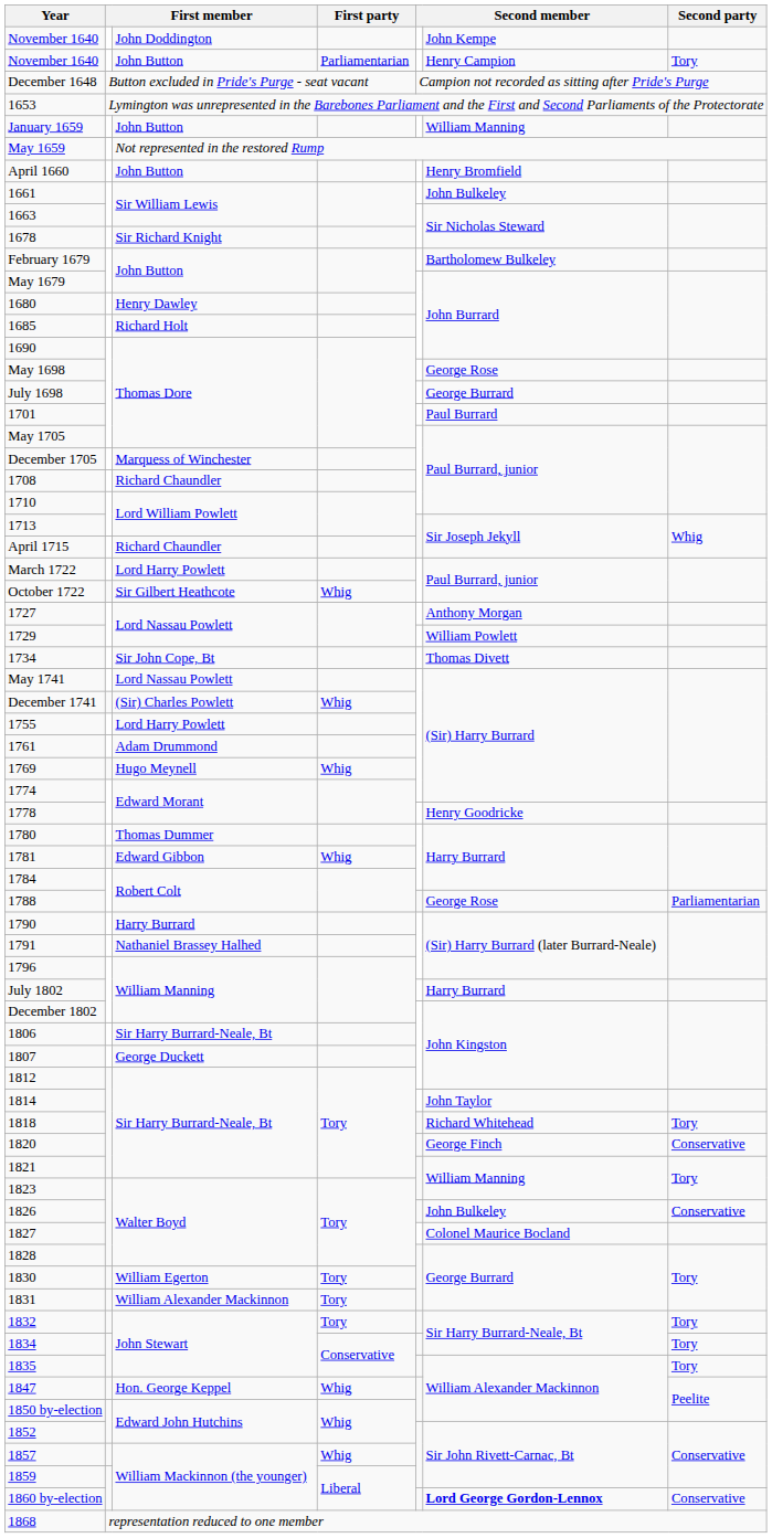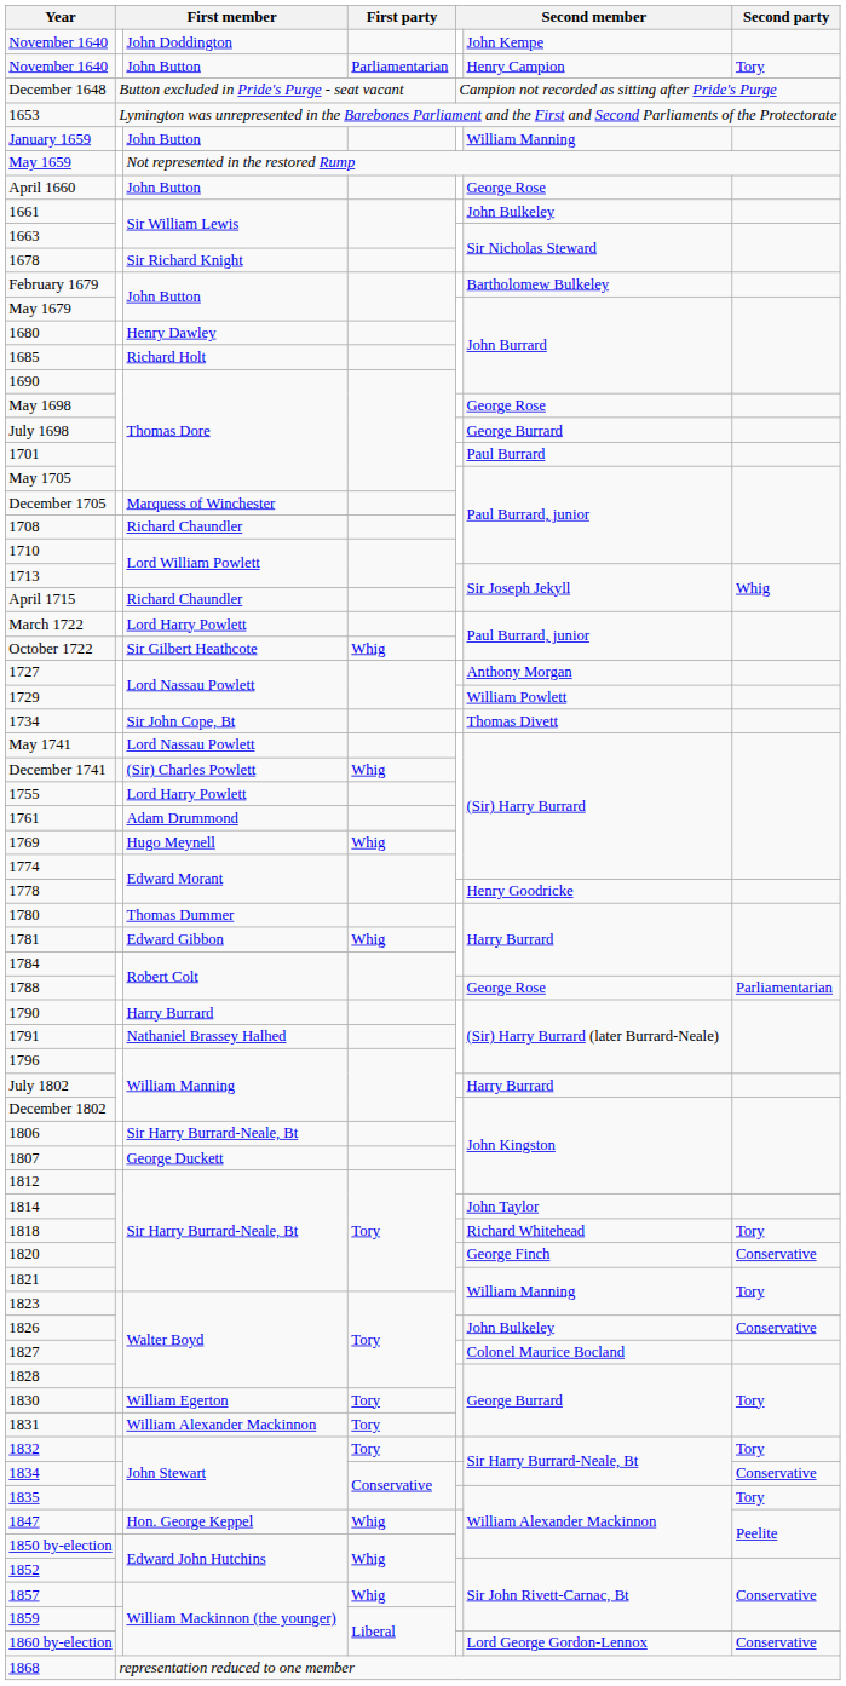 <table class="wikitable">
 <tr>
 <th>Year</th>
 <th colspan="2">First member</th>
 <th>First party</th>
 <th colspan="2">Second member</th>
 <th>Second party</th>
 </tr>
 <tr>
 <td><a href='#'>November 1640</a></td>
 <td style="color:inherit;background-color: white"></td>
 <td><a href='#'>John Doddington</a></td>
 <td></td>
 <td style="color:inherit;background-color: white"></td>
 <td><a href='#'>John Kempe</a></td>
 <td></td>
 </tr>
 <tr>
 <td><a href='#'>November 1640</a></td>
 <td style="color:inherit;background-color: white"></td>
 <td><a href='#'>John Button</a></td>
 <td><a href='#'>Parliamentarian</a></td>
 <td style="color:inherit;background-color: white"></td>
 <td><a href='#'>Henry Campion</a></td>
 <td><a href='#'>Tory</a></td>
 </tr>
 <tr>
 <td>December 1648</td>
 <td colspan="3"><em>Button excluded in <a href='#'>Pride's Purge</a> - seat vacant</em></td>
 <td colspan="3"><em>Campion not recorded as sitting after <a href='#'>Pride's Purge</a></em></td>
 </tr>
 <tr>
 <td>1653</td>
 <td colspan="6"><em>Lymington was unrepresented in the <a href='#'>Barebones Parliament</a> and the <a href='#'>First</a> and <a href='#'>Second</a> Parliaments of the Protectorate</em></td>
 </tr>
 <tr>
 <td><a href='#'>January 1659</a></td>
 <td style="color:inherit;background-color: white"></td>
 <td><a href='#'>John Button</a></td>
 <td></td>
 <td style="color:inherit;background-color: white"></td>
 <td><a href='#'>William Manning</a></td>
 <td></td>
 </tr>
 <tr>
 <td><a href='#'>May 1659</a></td>
 <td style="color:inherit;background-color: white"></td>
 <td colspan="6"><em>Not represented in the restored <a href='#'>Rump</a></em></td>
 </tr>
 <tr>
 <td>April 1660</td>
 <td style="color:inherit;background-color: white"></td>
 <td><a href='#'>John Button</a></td>
 <td></td>
 <td style="color:inherit;background-color: white"></td>
-<td><a href='#'>Henry Bromfield</a></td>
+<td><a href='#'>George Rose</a></td>
 <td></td>
 </tr>
 <tr>
 <td>1661</td>
 <td rowspan="2" style="color:inherit;background-color: white"></td>
 <td rowspan="2"><a href='#'>Sir William Lewis</a></td>
 <td rowspan="2"></td>
 <td style="color:inherit;background-color: white"></td>
 <td><a href='#'>John Bulkeley</a></td>
 <td></td>
 </tr>
 <tr>
 <td>1663</td>
 <td rowspan="2" style="color:inherit;background-color: white"></td>
 <td rowspan="2"><a href='#'>Sir Nicholas Steward</a></td>
 <td rowspan="2"></td>
 </tr>
 <tr>
 <td>1678</td>
 <td style="color:inherit;background-color: white"></td>
 <td><a href='#'>Sir Richard Knight</a></td>
 <td></td>
 </tr>
 <tr>
 <td>February 1679</td>
 <td rowspan="2" style="color:inherit;background-color: white"></td>
 <td rowspan="2"><a href='#'>John Button</a></td>
 <td rowspan="2"></td>
 <td style="color:inherit;background-color: white"></td>
 <td><a href='#'>Bartholomew Bulkeley</a></td>
 <td></td>
 </tr>
 <tr>
 <td>May 1679</td>
 <td rowspan="4" style="color:inherit;background-color: white"></td>
 <td rowspan="4"><a href='#'>John Burrard</a></td>
 <td rowspan="4"></td>
 </tr>
 <tr>
 <td>1680</td>
 <td style="color:inherit;background-color: white"></td>
 <td><a href='#'>Henry Dawley</a></td>
 <td></td>
 </tr>
 <tr>
 <td>1685</td>
 <td style="color:inherit;background-color: white"></td>
 <td><a href='#'>Richard Holt</a></td>
 <td></td>
 </tr>
 <tr>
 <td>1690</td>
 <td rowspan="5" style="color:inherit;background-color: white"></td>
 <td rowspan="5"><a href='#'>Thomas Dore</a></td>
 <td rowspan="5"></td>
 </tr>
 <tr>
 <td>May 1698</td>
 <td style="color:inherit;background-color: white"></td>
 <td><a href='#'>George Rose</a></td>
 <td></td>
 </tr>
 <tr>
 <td>July 1698</td>
 <td style="color:inherit;background-color: white"></td>
 <td><a href='#'>George Burrard</a></td>
 <td></td>
 </tr>
 <tr>
 <td>1701</td>
 <td style="color:inherit;background-color: white"></td>
 <td><a href='#'>Paul Burrard</a></td>
 <td></td>
 </tr>
 <tr>
 <td>May 1705</td>
 <td rowspan="4" style="color:inherit;background-color: white"></td>
 <td rowspan="4"><a href='#'>Paul Burrard, junior</a></td>
 <td rowspan="4"></td>
 </tr>
 <tr>
 <td>December 1705</td>
 <td style="color:inherit;background-color: white"></td>
 <td><a href='#'>Marquess of Winchester</a></td>
 <td></td>
 </tr>
 <tr>
 <td>1708</td>
 <td style="color:inherit;background-color: white"></td>
 <td><a href='#'>Richard Chaundler</a></td>
 <td></td>
 </tr>
 <tr>
 <td>1710</td>
 <td rowspan="2" style="color:inherit;background-color: white"></td>
 <td rowspan="2"><a href='#'>Lord William Powlett</a></td>
 <td rowspan="2"></td>
 </tr>
 <tr>
 <td>1713</td>
 <td rowspan="2" style="color:inherit;background-color: "></td>
 <td rowspan="2"><a href='#'>Sir Joseph Jekyll</a></td>
 <td rowspan="2"><a href='#'>Whig</a></td>
 </tr>
 <tr>
 <td>April 1715</td>
 <td style="color:inherit;background-color: white"></td>
 <td><a href='#'>Richard Chaundler</a></td>
 <td></td>
 </tr>
 <tr>
 <td>March 1722</td>
 <td style="color:inherit;background-color: white"></td>
 <td><a href='#'>Lord Harry Powlett</a></td>
 <td></td>
 <td rowspan="2" style="color:inherit;background-color: white"></td>
 <td rowspan="2"><a href='#'>Paul Burrard, junior</a></td>
 <td rowspan="2"></td>
 </tr>
 <tr>
 <td>October 1722</td>
 <td style="color:inherit;background-color: "></td>
 <td><a href='#'>Sir Gilbert Heathcote</a></td>
 <td><a href='#'>Whig</a></td>
 </tr>
 <tr>
 <td>1727</td>
 <td rowspan="2" style="color:inherit;background-color: white"></td>
 <td rowspan="2"><a href='#'>Lord Nassau Powlett</a></td>
 <td rowspan="2"></td>
 <td style="color:inherit;background-color: white"></td>
 <td><a href='#'>Anthony Morgan</a></td>
 <td></td>
 </tr>
 <tr>
 <td>1729</td>
 <td style="color:inherit;background-color: white"></td>
 <td><a href='#'>William Powlett</a></td>
 <td></td>
 </tr>
 <tr>
 <td>1734</td>
 <td style="color:inherit;background-color: white"></td>
 <td><a href='#'>Sir John Cope, Bt</a></td>
 <td></td>
 <td style="color:inherit;background-color: white"></td>
 <td><a href='#'>Thomas Divett</a></td>
 <td></td>
 </tr>
 <tr>
 <td>May 1741</td>
 <td style="color:inherit;background-color: white"></td>
 <td><a href='#'>Lord Nassau Powlett</a></td>
 <td></td>
 <td rowspan="6" style="color:inherit;background-color: white"></td>
 <td rowspan="6"><a href='#'>(Sir) Harry Burrard</a></td>
 <td rowspan="6"></td>
 </tr>
 <tr>
 <td>December 1741</td>
 <td style="color:inherit;background-color: "></td>
 <td><a href='#'>(Sir) Charles Powlett</a></td>
 <td><a href='#'>Whig</a></td>
 </tr>
 <tr>
 <td>1755</td>
 <td style="color:inherit;background-color: white"></td>
 <td><a href='#'>Lord Harry Powlett</a></td>
 <td></td>
 </tr>
 <tr>
 <td>1761</td>
 <td style="color:inherit;background-color: white"></td>
 <td><a href='#'>Adam Drummond</a></td>
 <td></td>
 </tr>
 <tr>
 <td>1769</td>
 <td style="color:inherit;background-color: "></td>
 <td><a href='#'>Hugo Meynell</a></td>
 <td><a href='#'>Whig</a></td>
 </tr>
 <tr>
 <td>1774</td>
 <td rowspan="2" style="color:inherit;background-color: white"></td>
 <td rowspan="2"><a href='#'>Edward Morant</a></td>
 <td rowspan="2"></td>
 </tr>
 <tr>
 <td>1778</td>
 <td style="color:inherit;background-color: white"></td>
 <td><a href='#'>Henry Goodricke</a></td>
 <td></td>
 </tr>
 <tr>
 <td>1780</td>
 <td style="color:inherit;background-color: white"></td>
 <td><a href='#'>Thomas Dummer</a></td>
 <td></td>
 <td rowspan="3" style="color:inherit;background-color: white"></td>
 <td rowspan="3"><a href='#'>Harry Burrard</a></td>
 <td rowspan="3"></td>
 </tr>
 <tr>
 <td>1781</td>
 <td style="color:inherit;background-color: "></td>
 <td><a href='#'>Edward Gibbon</a></td>
 <td><a href='#'>Whig</a></td>
 </tr>
 <tr>
 <td>1784</td>
 <td rowspan="2" style="color:inherit;background-color: white"></td>
 <td rowspan="2"><a href='#'>Robert Colt</a></td>
 <td rowspan="2"></td>
 </tr>
 <tr>
 <td>1788</td>
 <td style="color:inherit;background-color: "></td>
 <td><a href='#'>George Rose</a></td>
 <td><a href='#'>Parliamentarian</a></td>
 </tr>
 <tr>
 <td>1790</td>
 <td style="color:inherit;background-color: white"></td>
 <td><a href='#'>Harry Burrard</a></td>
 <td></td>
 <td rowspan="3" style="color:inherit;background-color: white"></td>
 <td rowspan="3"><a href='#'>(Sir) Harry Burrard</a> (later Burrard-Neale) </td>
 <td rowspan="3"></td>
 </tr>
 <tr>
 <td>1791</td>
 <td style="color:inherit;background-color: white"></td>
 <td><a href='#'>Nathaniel Brassey Halhed</a></td>
 <td></td>
 </tr>
 <tr>
 <td>1796</td>
 <td rowspan="3" style="color:inherit;background-color: white"></td>
 <td rowspan="3"><a href='#'>William Manning</a></td>
 <td rowspan="3"></td>
 </tr>
 <tr>
 <td>July 1802</td>
 <td style="color:inherit;background-color: white"></td>
 <td><a href='#'>Harry Burrard</a></td>
 <td></td>
 </tr>
 <tr>
 <td>December 1802</td>
 <td rowspan="4" style="color:inherit;background-color: white"></td>
 <td rowspan="4"><a href='#'>John Kingston</a></td>
 <td rowspan="4"></td>
 </tr>
 <tr>
 <td>1806</td>
 <td style="color:inherit;background-color: white"></td>
 <td><a href='#'>Sir Harry Burrard-Neale, Bt</a></td>
 <td></td>
 </tr>
 <tr>
 <td>1807</td>
 <td style="color:inherit;background-color: white"></td>
 <td><a href='#'>George Duckett</a></td>
 <td></td>
 </tr>
 <tr>
 <td>1812</td>
 <td rowspan="5" style="color:inherit;background-color: "></td>
 <td rowspan="5"><a href='#'>Sir Harry Burrard-Neale, Bt</a></td>
 <td rowspan="5"><a href='#'>Tory</a></td>
 </tr>
 <tr>
 <td>1814</td>
 <td style="color:inherit;background-color: white"></td>
 <td><a href='#'>John Taylor</a></td>
 <td></td>
 </tr>
 <tr>
 <td>1818</td>
 <td style="color:inherit;background-color: "></td>
 <td><a href='#'>Richard Whitehead</a></td>
 <td><a href='#'>Tory</a></td>
 </tr>
 <tr>
 <td>1820</td>
 <td style="color:inherit;background-color: "></td>
 <td><a href='#'>George Finch</a></td>
 <td><a href='#'>Conservative</a></td>
 </tr>
 <tr>
 <td>1821</td>
 <td rowspan="2" style="color:inherit;background-color: "></td>
 <td rowspan="2"><a href='#'>William Manning</a></td>
 <td rowspan="2"><a href='#'>Tory</a></td>
 </tr>
 <tr>
 <td>1823</td>
 <td rowspan="4" style="color:inherit;background-color: "></td>
 <td rowspan="4"><a href='#'>Walter Boyd</a></td>
 <td rowspan="4"><a href='#'>Tory</a></td>
 </tr>
 <tr>
 <td>1826</td>
 <td style="color:inherit;background-color: "></td>
 <td><a href='#'>John Bulkeley</a></td>
 <td><a href='#'>Conservative</a></td>
 </tr>
 <tr>
 <td>1827</td>
 <td style="color:inherit;background-color: white"></td>
 <td><a href='#'>Colonel Maurice Bocland</a></td>
 <td></td>
 </tr>
 <tr>
 <td>1828</td>
 <td rowspan="3" style="color:inherit;background-color: "></td>
 <td rowspan="3"><a href='#'>George Burrard</a></td>
 <td rowspan="3"><a href='#'>Tory</a></td>
 </tr>
 <tr>
 <td>1830</td>
 <td style="color:inherit;background-color: "></td>
 <td><a href='#'>William Egerton</a></td>
 <td><a href='#'>Tory</a></td>
 </tr>
 <tr>
 <td>1831</td>
 <td style="color:inherit;background-color: "></td>
 <td><a href='#'>William Alexander Mackinnon</a></td>
 <td><a href='#'>Tory</a></td>
 </tr>
 <tr>
 <td><a href='#'>1832</a></td>
 <td style="color:inherit;background-color: "></td>
 <td rowspan="3"><a href='#'>John Stewart</a></td>
 <td><a href='#'>Tory</a></td>
 <td style="color:inherit;background-color: "></td>
 <td rowspan="2"><a href='#'>Sir Harry Burrard-Neale, Bt</a></td>
 <td><a href='#'>Tory</a></td>
 </tr>
 <tr>
 <td><a href='#'>1834</a></td>
 <td rowspan="2" style="color:inherit;background-color: "></td>
 <td rowspan="2"><a href='#'>Conservative</a></td>
 <td style="color:inherit;background-color: "></td>
-<td><a href='#'>Tory</a></td>
+<td><a href='#'>Conservative</a></td>
 </tr>
 <tr>
 <td><a href='#'>1835</a></td>
 <td style="color:inherit;background-color: "></td>
 <td rowspan="3"><a href='#'>William Alexander Mackinnon</a></td>
 <td><a href='#'>Tory</a></td>
 </tr>
 <tr>
 <td><a href='#'>1847</a></td>
 <td style="color:inherit;background-color: "></td>
 <td><a href='#'>Hon. George Keppel</a></td>
 <td><a href='#'>Whig</a></td>
 <td rowspan="2" style="color:inherit;background-color: "></td>
 <td rowspan="2"><a href='#'>Peelite</a></td>
 </tr>
 <tr>
 <td><a href='#'>1850 by-election</a></td>
 <td rowspan="2" style="color:inherit;background-color: "></td>
 <td rowspan="2"><a href='#'>Edward John Hutchins</a></td>
 <td rowspan="2"><a href='#'>Whig</a></td>
 </tr>
 <tr>
 <td><a href='#'>1852</a></td>
 <td rowspan="3" style="color:inherit;background-color: "></td>
 <td rowspan="3"><a href='#'>Sir John Rivett-Carnac, Bt</a></td>
 <td rowspan="3"><a href='#'>Conservative</a></td>
 </tr>
 <tr>
 <td><a href='#'>1857</a></td>
 <td style="color:inherit;background-color: "></td>
 <td rowspan="3"><a href='#'>William Mackinnon (the younger)</a></td>
 <td><a href='#'>Whig</a></td>
 </tr>
 <tr>
 <td><a href='#'>1859</a></td>
 <td rowspan="2" style="color:inherit;background-color: "></td>
 <td rowspan="2"><a href='#'>Liberal</a></td>
 </tr>
 <tr>
 <td><a href='#'>1860 by-election</a></td>
 <td style="color:inherit;background-color: "></td>
-<td><strong><a href='#'>Lord George Gordon-Lennox</a></strong></td>
+<td><a href='#'>Lord George Gordon-Lennox</a></td>
 <td><a href='#'>Conservative</a></td>
 </tr>
 <tr>
 <td><a href='#'>1868</a></td>
 <td colspan="6"><em>representation reduced to one member</em></td>
 </tr>
 </table>
